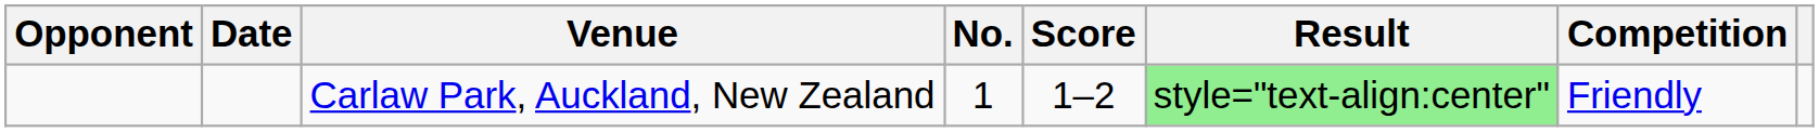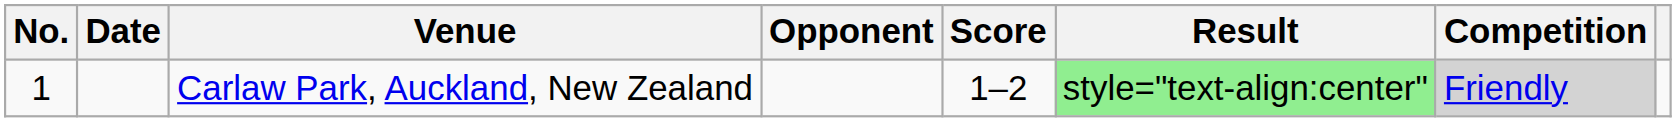 <table class="wikitable sortable">
 <tr>
-<th scope="col">Opponent</th>
+<th scope="col">No.</th>
 <th scope="col">Date</th>
 <th scope="col">Venue</th>
-<th scope="col">No.</th>
+<th scope="col">Opponent</th>
 <th scope="col">Score</th>
 <th scope="col">Result</th>
 <th scope="col">Competition</th>
 <th scope="col" class="unsortable"></th>
 </tr>
 <tr>
-<td></td>
+<td style="text-align:center">1</td>
 <td></td>
 <td><a href='#'>Carlaw Park</a>, <a href='#'>Auckland</a>, New Zealand</td>
-<td style="text-align:center">1</td>
+<td></td>
 <td style="text-align:center">1–2</td>
 <td style="background: lightgreen;">style="text-align:center" </td>
-<td><a href='#'>Friendly</a></td>
+<td style="background: lightgrey;"><a href='#'>Friendly</a></td>
 <td></td>
 </tr>
 </table>
